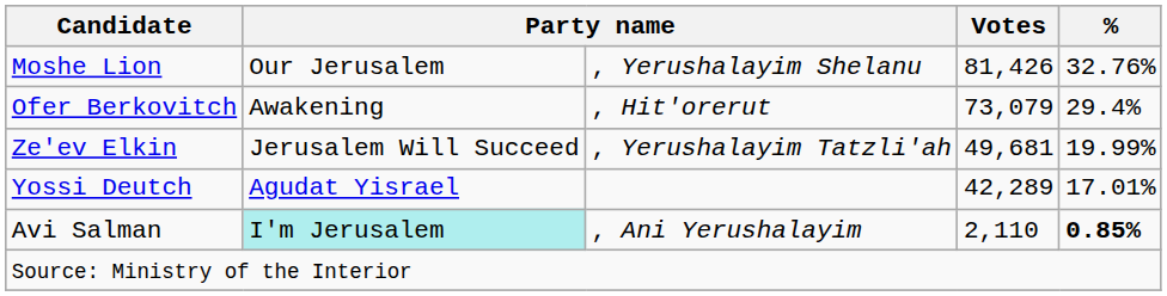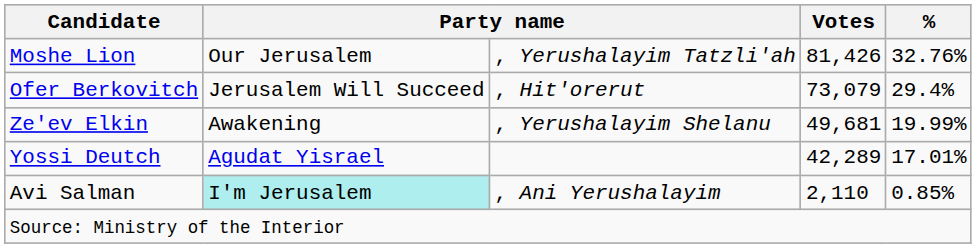 <table class="wikitable sortable">
 <tr>
 <th>Candidate</th>
 <th colspan="2">Party name</th>
 <th>Votes</th>
 <th>%</th>
 </tr>
 <tr>
 <td><a href='#'>Moshe Lion</a></td>
 <td>Our Jerusalem</td>
-<td>, <em>Yerushalayim Shelanu</em></td>
+<td>, <em>Yerushalayim Tatzli'ah</em></td>
 <td>81,426</td>
 <td>32.76%</td>
 </tr>
 <tr>
 <td><a href='#'>Ofer Berkovitch</a></td>
-<td>Awakening</td>
+<td>Jerusalem Will Succeed</td>
 <td>, <em>Hit'orerut</em></td>
 <td>73,079</td>
 <td>29.4%</td>
 </tr>
 <tr>
 <td><a href='#'>Ze'ev Elkin</a></td>
-<td>Jerusalem Will Succeed</td>
-<td>, <em>Yerushalayim Tatzli'ah</em></td>
+<td>Awakening</td>
+<td>, <em>Yerushalayim Shelanu</em></td>
 <td>49,681</td>
 <td>19.99%</td>
 </tr>
 <tr>
 <td><a href='#'>Yossi Deutch</a></td>
 <td><a href='#'>Agudat Yisrael</a></td>
 <td></td>
 <td>42,289</td>
 <td>17.01%</td>
 </tr>
 <tr>
 <td>Avi Salman</td>
 <td style="background: paleturquoise;">I'm Jerusalem</td>
 <td>, <em>Ani Yerushalayim</em></td>
 <td>2,110</td>
-<td><strong>0.85%</strong></td>
+<td>0.85%</td>
 </tr>
 <tr class="sortbottom">
 <td colspan="5"><small>Source: Ministry of the Interior</small></td>
 </tr>
 </table>
